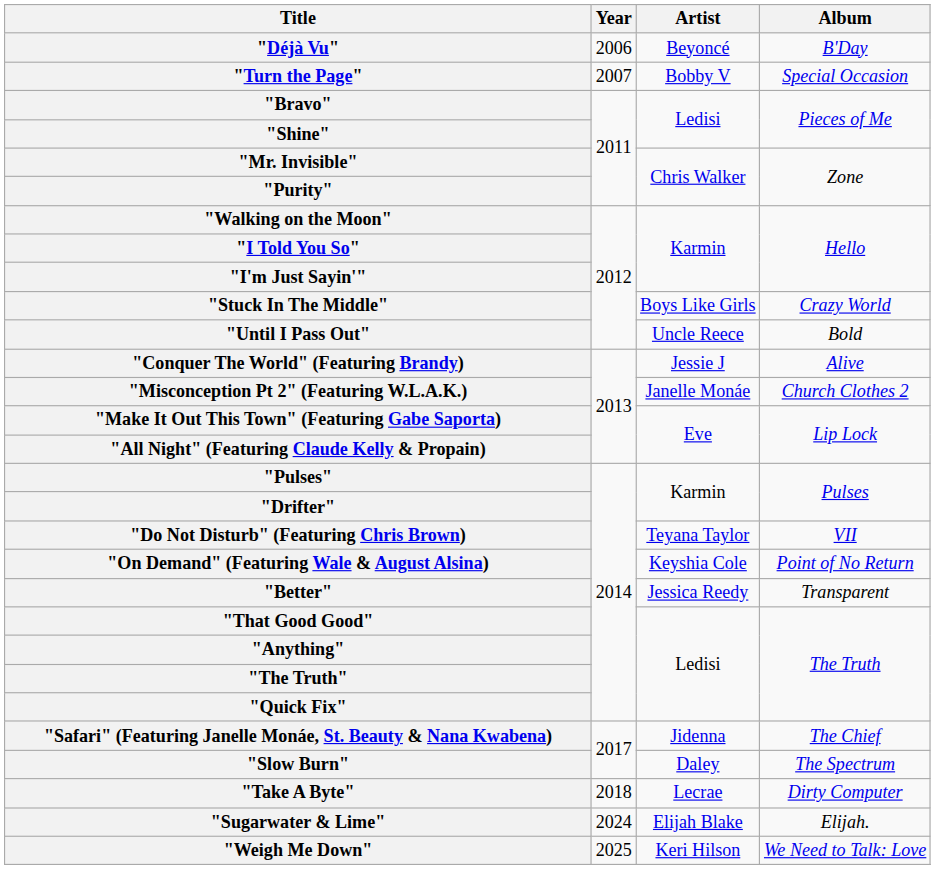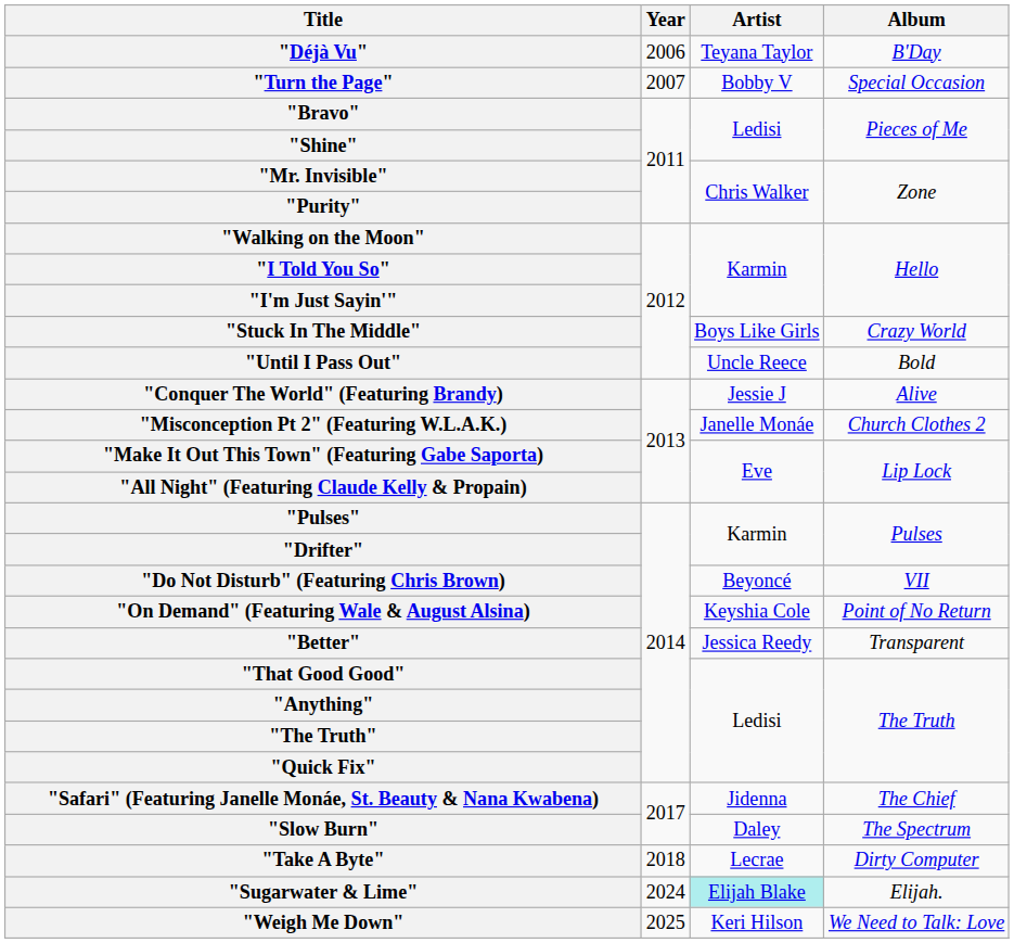 <table class="wikitable plainrowheaders" style="text-align:center;">
 <tr>
 <th scope="col" style="width:32em;">Title</th>
 <th scope="col">Year</th>
 <th scope="col">Artist</th>
 <th scope="col">Album</th>
 </tr>
 <tr>
 <th scope="row">"<a href='#'>Déjà Vu</a>"</th>
 <td>2006</td>
-<td><a href='#'>Beyoncé</a></td>
+<td><a href='#'>Teyana Taylor</a></td>
 <td><em><a href='#'>B'Day</a></em></td>
 </tr>
 <tr>
 <th scope="row">"<a href='#'>Turn the Page</a>"</th>
 <td>2007</td>
 <td><a href='#'>Bobby V</a></td>
 <td><em><a href='#'>Special Occasion</a></em></td>
 </tr>
 <tr>
 <th scope="row">"Bravo"</th>
 <td rowspan="4">2011</td>
 <td rowspan="2"><a href='#'>Ledisi</a></td>
 <td rowspan="2"><em><a href='#'>Pieces of Me</a></em></td>
 </tr>
 <tr>
 <th scope="row">"Shine"</th>
 </tr>
 <tr>
 <th scope="row">"Mr. Invisible"</th>
 <td rowspan="2"><a href='#'>Chris Walker</a></td>
 <td rowspan="2"><em>Zone</em></td>
 </tr>
 <tr>
 <th scope="row">"Purity"</th>
 </tr>
 <tr>
 <th scope="row">"Walking on the Moon"</th>
 <td rowspan="5">2012</td>
 <td rowspan="3"><a href='#'>Karmin</a></td>
 <td rowspan="3"><em><a href='#'>Hello</a></em></td>
 </tr>
 <tr>
 <th scope="row">"<a href='#'>I Told You So</a>"</th>
 </tr>
 <tr>
 <th scope="row">"I'm Just Sayin'"</th>
 </tr>
 <tr>
 <th scope="row">"Stuck In The Middle"</th>
 <td><a href='#'>Boys Like Girls</a></td>
 <td><em><a href='#'>Crazy World</a></em></td>
 </tr>
 <tr>
 <th scope="row">"Until I Pass Out"</th>
 <td><a href='#'>Uncle Reece</a></td>
 <td><em>Bold</em></td>
 </tr>
 <tr>
 <th scope="row">"Conquer The World" (Featuring <a href='#'>Brandy</a>)</th>
 <td rowspan="4">2013</td>
 <td><a href='#'>Jessie J</a></td>
 <td><em><a href='#'>Alive</a></em></td>
 </tr>
 <tr>
 <th scope="row">"Misconception Pt 2" (Featuring W.L.A.K.)</th>
 <td><a href='#'>Janelle Monáe</a></td>
 <td><em><a href='#'>Church Clothes 2</a></em></td>
 </tr>
 <tr>
 <th scope="row">"Make It Out This Town" (Featuring <a href='#'>Gabe Saporta</a>)</th>
 <td rowspan="2"><a href='#'>Eve</a></td>
 <td rowspan="2"><em><a href='#'>Lip Lock</a></em></td>
 </tr>
 <tr>
 <th scope="row">"All Night" (Featuring <a href='#'>Claude Kelly</a> & Propain)</th>
 </tr>
 <tr>
 <th scope="row">"Pulses"</th>
 <td rowspan="9">2014</td>
 <td rowspan="2">Karmin</td>
 <td rowspan="2"><em><a href='#'>Pulses</a></em></td>
 </tr>
 <tr>
 <th scope="row">"Drifter"</th>
 </tr>
 <tr>
 <th scope="row">"Do Not Disturb" (Featuring <a href='#'>Chris Brown</a>)</th>
-<td><a href='#'>Teyana Taylor</a></td>
+<td><a href='#'>Beyoncé</a></td>
 <td><em><a href='#'>VII</a></em></td>
 </tr>
 <tr>
 <th scope="row">"On Demand" (Featuring <a href='#'>Wale</a> & <a href='#'>August Alsina</a>)</th>
 <td><a href='#'>Keyshia Cole</a></td>
 <td><em><a href='#'>Point of No Return</a></em></td>
 </tr>
 <tr>
 <th scope="row">"Better"</th>
 <td><a href='#'>Jessica Reedy</a></td>
 <td><em>Transparent</em></td>
 </tr>
 <tr>
 <th scope="row">"That Good Good"</th>
 <td rowspan="4">Ledisi</td>
 <td rowspan="4"><em><a href='#'>The Truth</a></em></td>
 </tr>
 <tr>
 <th scope="row">"Anything"</th>
 </tr>
 <tr>
 <th scope="row">"The Truth"</th>
 </tr>
 <tr>
 <th scope="row">"Quick Fix"</th>
 </tr>
 <tr>
 <th scope="row">"Safari" (Featuring Janelle Monáe, <a href='#'>St. Beauty</a> & <a href='#'>Nana Kwabena</a>)</th>
 <td rowspan="2">2017</td>
 <td><a href='#'>Jidenna</a></td>
 <td><em><a href='#'>The Chief</a></em></td>
 </tr>
 <tr>
 <th scope="row">"Slow Burn"</th>
 <td><a href='#'>Daley</a></td>
 <td><em><a href='#'>The Spectrum</a></em></td>
 </tr>
 <tr>
 <th scope="row">"Take A Byte"</th>
 <td>2018</td>
 <td><a href='#'>Lecrae</a></td>
 <td><em><a href='#'>Dirty Computer</a></em></td>
 </tr>
 <tr>
 <th scope="row">"Sugarwater & Lime"</th>
 <td>2024</td>
-<td><a href='#'>Elijah Blake</a></td>
+<td style="background: paleturquoise;"><a href='#'>Elijah Blake</a></td>
 <td><em>Elijah.</em></td>
 </tr>
 <tr>
 <th scope="row">"Weigh Me Down"</th>
 <td>2025</td>
 <td><a href='#'>Keri Hilson</a></td>
 <td><em><a href='#'>We Need to Talk: Love</a></em></td>
 </tr>
 <tr>
 </tr>
 </table>
